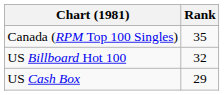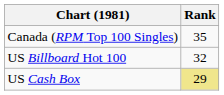 <table class="wikitable sortable">
 <tr>
 <th>Chart (1981)</th>
 <th>Rank</th>
 </tr>
 <tr>
 <td>Canada (<a href='#'><em>RPM</em> Top 100 Singles</a>)</td>
 <td align="center">35</td>
 </tr>
 <tr>
 <td>US <a href='#'><em>Billboard</em> Hot 100</a></td>
 <td align="center">32</td>
 </tr>
 <tr>
 <td>US <a href='#'><em>Cash Box</em></a></td>
-<td align="center">29</td>
+<td align="center" style="background: khaki;">29</td>
 </tr>
 </table>
